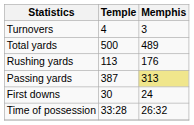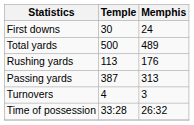 <table class="wikitable">
 <tr>
 <th>Statistics</th>
 <th>Temple</th>
 <th>Memphis</th>
 </tr>
 <tr>
-<td>Turnovers</td>
-<td>4</td>
-<td>3</td>
+<td>First downs</td>
+<td>30</td>
+<td>24</td>
 </tr>
 <tr>
 <td>Total yards</td>
 <td>500</td>
 <td>489</td>
 </tr>
 <tr>
 <td>Rushing yards</td>
 <td>113</td>
 <td>176</td>
 </tr>
 <tr>
 <td>Passing yards</td>
 <td>387</td>
-<td style="background: khaki;">313</td>
+<td>313</td>
 </tr>
 <tr>
-<td>First downs</td>
-<td>30</td>
-<td>24</td>
+<td>Turnovers</td>
+<td>4</td>
+<td>3</td>
 </tr>
 <tr>
 <td>Time of possession</td>
 <td>33:28</td>
 <td>26:32</td>
 </tr>
 <tr>
 </tr>
 </table>
